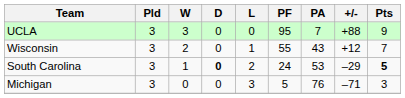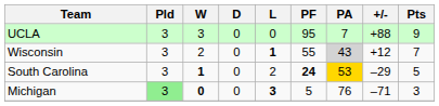 <table class="wikitable" style="text-align: center;">
 <tr>
 <th width="180">Team</th>
 <th width="40">Pld</th>
 <th width="40">W</th>
 <th width="40">D</th>
 <th width="40">L</th>
 <th width="40">PF</th>
 <th width="40">PA</th>
 <th width="40">+/-</th>
 <th width="40">Pts</th>
 </tr>
 <tr bgcolor=#ccffcc>
 <td align="left">UCLA</td>
 <td>3</td>
 <td>3</td>
 <td>0</td>
 <td>0</td>
 <td>95</td>
 <td>7</td>
 <td>+88</td>
 <td>9</td>
 </tr>
 <tr>
 <td align="left">Wisconsin</td>
 <td>3</td>
 <td>2</td>
 <td>0</td>
-<td>1</td>
+<td><strong>1</strong></td>
 <td>55</td>
-<td>43</td>
+<td style="background: lightgrey;">43</td>
 <td>+12</td>
 <td>7</td>
 </tr>
 <tr>
 <td align="left">South Carolina</td>
 <td>3</td>
-<td>1</td>
-<td><strong>0</strong></td>
+<td><strong>1</strong></td>
+<td>0</td>
 <td>2</td>
-<td>24</td>
-<td>53</td>
+<td><strong>24</strong></td>
+<td style="background: gold;">53</td>
 <td>–29</td>
-<td><strong>5</strong></td>
+<td>5</td>
 </tr>
 <tr>
 <td align="left">Michigan</td>
-<td>3</td>
+<td style="background: lightgreen;">3</td>
+<td><strong>0</strong></td>
 <td>0</td>
-<td>0</td>
-<td>3</td>
+<td><strong>3</strong></td>
 <td>5</td>
 <td>76</td>
 <td>–71</td>
 <td>3</td>
 </tr>
 <tr>
 </tr>
 </table>
